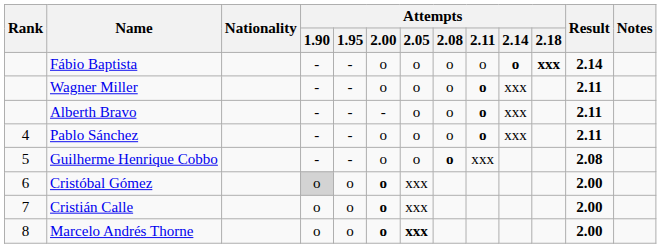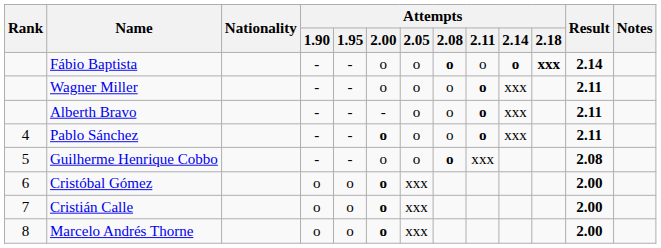 <table class="wikitable sortable" style="text-align:center">
 <tr>
 <th rowspan=2>Rank</th>
 <th rowspan=2>Name</th>
 <th rowspan=2>Nationality</th>
 <th colspan=8>Attempts</th>
 <th rowspan=2>Result</th>
 <th rowspan=2>Notes</th>
 </tr>
 <tr>
 <th>1.90</th>
 <th>1.95</th>
 <th>2.00</th>
 <th>2.05</th>
 <th>2.08</th>
 <th>2.11</th>
 <th>2.14</th>
 <th>2.18</th>
 </tr>
 <tr>
 <td align=center></td>
 <td align=left><a href='#'>Fábio Baptista</a></td>
 <td align=left></td>
 <td>-</td>
 <td>-</td>
 <td>o</td>
 <td>o</td>
-<td>o</td>
+<td><strong>o</strong></td>
 <td>o</td>
 <td><strong>o</strong></td>
 <td><strong>xxx</strong></td>
 <td><strong>2.14</strong></td>
 <td></td>
 </tr>
 <tr>
 <td align=center></td>
 <td align=left><a href='#'>Wagner Miller</a></td>
 <td align=left></td>
 <td>-</td>
 <td>-</td>
 <td>o</td>
 <td>o</td>
 <td>o</td>
 <td><strong>o</strong></td>
 <td>xxx</td>
 <td></td>
 <td><strong>2.11</strong></td>
 <td></td>
 </tr>
 <tr>
 <td align=center></td>
 <td align=left><a href='#'>Alberth Bravo</a></td>
 <td align=left></td>
 <td>-</td>
 <td>-</td>
 <td>-</td>
 <td>o</td>
 <td>o</td>
 <td><strong>o</strong></td>
 <td>xxx</td>
 <td></td>
 <td><strong>2.11</strong></td>
 <td></td>
 </tr>
 <tr>
 <td align=center>4</td>
 <td align=left><a href='#'>Pablo Sánchez</a></td>
 <td align=left></td>
 <td>-</td>
 <td>-</td>
-<td>o</td>
+<td><strong>o</strong></td>
 <td>o</td>
 <td>o</td>
 <td><strong>o</strong></td>
 <td>xxx</td>
 <td></td>
 <td><strong>2.11</strong></td>
 <td></td>
 </tr>
 <tr>
 <td align=center>5</td>
 <td align=left><a href='#'>Guilherme Henrique Cobbo</a></td>
 <td align=left></td>
 <td>-</td>
 <td>-</td>
 <td>o</td>
 <td>o</td>
 <td><strong>o</strong></td>
 <td>xxx</td>
 <td></td>
 <td></td>
 <td><strong>2.08</strong></td>
 <td></td>
 </tr>
 <tr>
 <td align=center>6</td>
 <td align=left><a href='#'>Cristóbal Gómez</a></td>
 <td align=left></td>
-<td style="background: lightgrey;">o</td>
+<td>o</td>
 <td>o</td>
 <td><strong>o</strong></td>
 <td>xxx</td>
 <td></td>
 <td></td>
 <td></td>
 <td></td>
 <td><strong>2.00</strong></td>
 <td></td>
 </tr>
 <tr>
 <td align=center>7</td>
 <td align=left><a href='#'>Cristián Calle</a></td>
 <td align=left></td>
 <td>o</td>
 <td>o</td>
 <td><strong>o</strong></td>
 <td>xxx</td>
 <td></td>
 <td></td>
 <td></td>
 <td></td>
 <td><strong>2.00</strong></td>
 <td></td>
 </tr>
 <tr>
 <td align=center>8</td>
 <td align=left><a href='#'>Marcelo Andrés Thorne</a></td>
 <td align=left></td>
 <td>o</td>
 <td>o</td>
 <td><strong>o</strong></td>
-<td><strong>xxx</strong></td>
+<td>xxx</td>
 <td></td>
 <td></td>
 <td></td>
 <td></td>
 <td><strong>2.00</strong></td>
 <td></td>
 </tr>
 </table>
